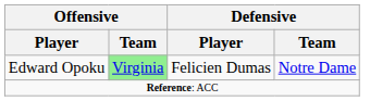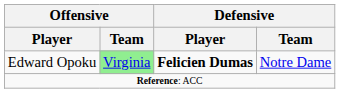 <table class="wikitable">
 <tr>
 <th colspan="2">Offensive</th>
 <th colspan="2">Defensive</th>
 </tr>
 <tr>
 <th>Player</th>
 <th>Team</th>
 <th>Player</th>
 <th>Team</th>
 </tr>
 <tr>
 <td>Edward Opoku</td>
 <td style="background: lightgreen;"><a href='#'>Virginia</a></td>
-<td>Felicien Dumas</td>
+<td><strong>Felicien Dumas</strong></td>
 <td><a href='#'>Notre Dame</a></td>
 </tr>
 <tr>
 <td colspan="12"  style="font-size:8pt; text-align:center;"><strong>Reference</strong>: ACC</td>
 </tr>
 </table>
